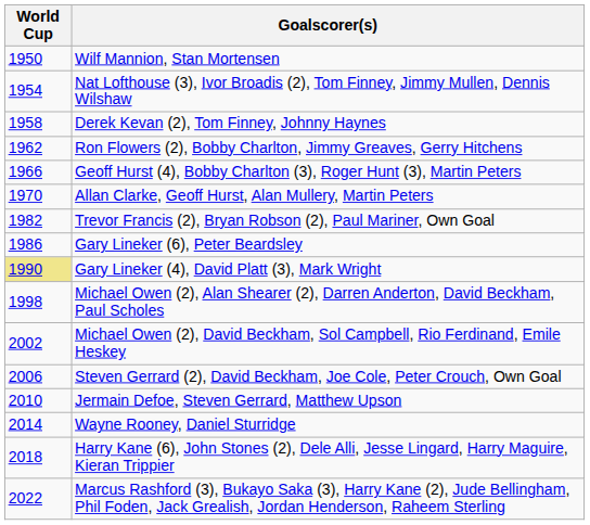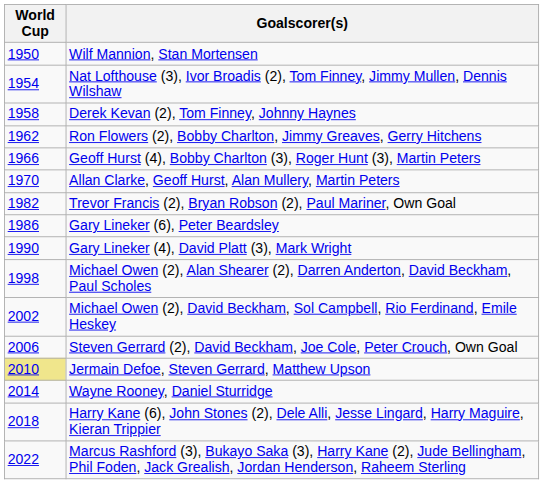 <table class="wikitable">
 <tr>
 <th>World Cup</th>
 <th>Goalscorer(s)</th>
 </tr>
 <tr>
 <td><a href='#'>1950</a></td>
 <td><a href='#'>Wilf Mannion</a>, <a href='#'>Stan Mortensen</a></td>
 </tr>
 <tr>
 <td><a href='#'>1954</a></td>
 <td><a href='#'>Nat Lofthouse</a> (3), <a href='#'>Ivor Broadis</a> (2), <a href='#'>Tom Finney</a>, <a href='#'>Jimmy Mullen</a>, <a href='#'>Dennis Wilshaw</a></td>
 </tr>
 <tr>
 <td><a href='#'>1958</a></td>
 <td><a href='#'>Derek Kevan</a> (2), <a href='#'>Tom Finney</a>, <a href='#'>Johnny Haynes</a></td>
 </tr>
 <tr>
 <td><a href='#'>1962</a></td>
 <td><a href='#'>Ron Flowers</a> (2), <a href='#'>Bobby Charlton</a>, <a href='#'>Jimmy Greaves</a>, <a href='#'>Gerry Hitchens</a></td>
 </tr>
 <tr>
 <td><a href='#'>1966</a></td>
 <td><a href='#'>Geoff Hurst</a> (4), <a href='#'>Bobby Charlton</a> (3), <a href='#'>Roger Hunt</a> (3), <a href='#'>Martin Peters</a></td>
 </tr>
 <tr>
 <td><a href='#'>1970</a></td>
 <td><a href='#'>Allan Clarke</a>, <a href='#'>Geoff Hurst</a>, <a href='#'>Alan Mullery</a>, <a href='#'>Martin Peters</a></td>
 </tr>
 <tr>
 <td><a href='#'>1982</a></td>
 <td><a href='#'>Trevor Francis</a> (2), <a href='#'>Bryan Robson</a> (2), <a href='#'>Paul Mariner</a>, Own Goal</td>
 </tr>
 <tr>
 <td><a href='#'>1986</a></td>
 <td><a href='#'>Gary Lineker</a> (6), <a href='#'>Peter Beardsley</a></td>
 </tr>
 <tr>
-<td style="background: khaki;"><a href='#'>1990</a></td>
+<td><a href='#'>1990</a></td>
 <td><a href='#'>Gary Lineker</a> (4), <a href='#'>David Platt</a> (3), <a href='#'>Mark Wright</a></td>
 </tr>
 <tr>
 <td><a href='#'>1998</a></td>
 <td><a href='#'>Michael Owen</a> (2), <a href='#'>Alan Shearer</a> (2), <a href='#'>Darren Anderton</a>, <a href='#'>David Beckham</a>, <a href='#'>Paul Scholes</a></td>
 </tr>
 <tr>
 <td><a href='#'>2002</a></td>
 <td><a href='#'>Michael Owen</a> (2), <a href='#'>David Beckham</a>, <a href='#'>Sol Campbell</a>, <a href='#'>Rio Ferdinand</a>, <a href='#'>Emile Heskey</a></td>
 </tr>
 <tr>
 <td><a href='#'>2006</a></td>
 <td><a href='#'>Steven Gerrard</a> (2), <a href='#'>David Beckham</a>, <a href='#'>Joe Cole</a>, <a href='#'>Peter Crouch</a>, Own Goal</td>
 </tr>
 <tr>
-<td><a href='#'>2010</a></td>
+<td style="background: khaki;"><a href='#'>2010</a></td>
 <td><a href='#'>Jermain Defoe</a>, <a href='#'>Steven Gerrard</a>, <a href='#'>Matthew Upson</a></td>
 </tr>
 <tr>
 <td><a href='#'>2014</a></td>
 <td><a href='#'>Wayne Rooney</a>, <a href='#'>Daniel Sturridge</a></td>
 </tr>
 <tr>
 <td><a href='#'>2018</a></td>
 <td><a href='#'>Harry Kane</a> (6), <a href='#'>John Stones</a> (2), <a href='#'>Dele Alli</a>, <a href='#'>Jesse Lingard</a>, <a href='#'>Harry Maguire</a>, <a href='#'>Kieran Trippier</a></td>
 </tr>
 <tr>
 <td><a href='#'>2022</a></td>
 <td><a href='#'>Marcus Rashford</a> (3), <a href='#'>Bukayo Saka</a> (3), <a href='#'>Harry Kane</a> (2), <a href='#'>Jude Bellingham</a>, <a href='#'>Phil Foden</a>, <a href='#'>Jack Grealish</a>, <a href='#'>Jordan Henderson</a>, <a href='#'>Raheem Sterling</a></td>
 </tr>
 </table>
